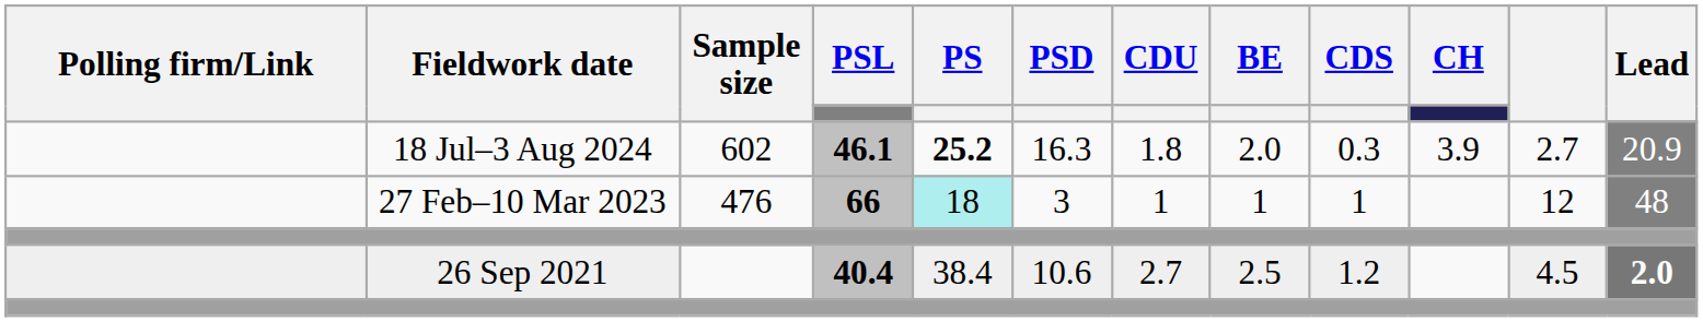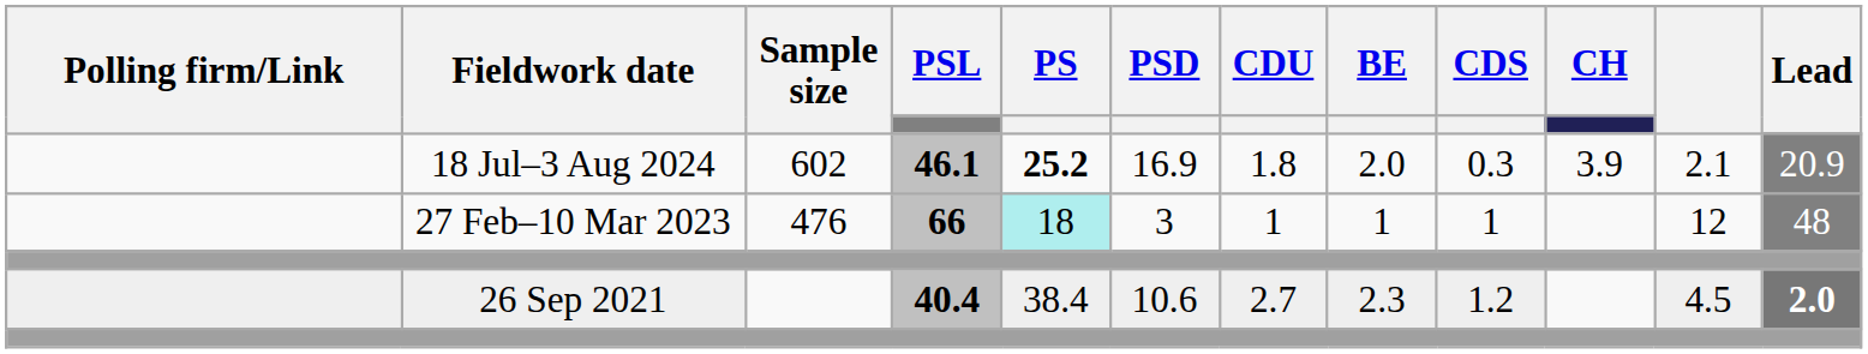 <table class="wikitable sortable mw-datatable" style="text-align:center;font-size:90%;line-height:16px;">
 <tr style="height:42px;">
 <th style="width:145px;" rowspan="2">Polling firm/Link</th>
 <th style="width:125px;" rowspan="2">Fieldwork date</th>
 <th class="unsortable" style="width:50px;" rowspan="2">Sample size</th>
 <th class="unsortable" style="width:35px;"><a href='#'>PSL</a></th>
 <th class="unsortable" style="width:35px;"><a href='#'>PS</a></th>
 <th class="unsortable" style="width:35px;"><a href='#'>PSD</a></th>
 <th class="unsortable" style="width:35px;"><a href='#'>CDU</a></th>
 <th class="unsortable" style="width:35px;"><a href='#'>BE</a></th>
 <th class="unsortable" style="width:35px;"><a href='#'>CDS</a></th>
 <th class="unsortable" style="width:35px;"><a href='#'>CH</a></th>
 <th class="unsortable" style="width:35px;" rowspan="2"></th>
 <th class="unsortable" style="width:30px;" rowspan="2">Lead</th>
 </tr>
 <tr>
 <th class="unsortable" style="color:inherit;background:gray;"></th>
 <th class="unsortable" style="color:inherit;background:"></th>
 <th class="unsortable" style="color:inherit;background:"></th>
 <th class="unsortable" style="color:inherit;background:"></th>
 <th class="unsortable" style="color:inherit;background:"></th>
 <th class="unsortable" style="color:inherit;background:"></th>
 <th class="unsortable" style="color:inherit;background:#202056;"></th>
 </tr>
 <tr>
 <td align="center"></td>
 <td align="center">18 Jul–3 Aug 2024</td>
 <td>602</td>
 <td style="background:#C0C0C0"><strong>46.1</strong></td>
 <td align="center"><strong>25.2</strong></td>
-<td align="center">16.3</td>
+<td align="center">16.9</td>
 <td align="center">1.8</td>
 <td align="center">2.0</td>
 <td align="center">0.3</td>
 <td align="center">3.9</td>
-<td align="center">2.7</td>
+<td align="center">2.1</td>
 <td style="background:gray; color:white;">20.9</td>
 </tr>
 <tr>
 <td align="center"></td>
 <td align="center">27 Feb–10 Mar 2023</td>
 <td>476</td>
 <td style="background:#C0C0C0"><strong>66</strong></td>
 <td align="center" style="background: paleturquoise;">18</td>
 <td align="center">3</td>
 <td align="center">1</td>
 <td align="center">1</td>
 <td align="center">1</td>
 <td></td>
 <td align="center">12</td>
 <td style="background:gray; color:white;">48</td>
 </tr>
 <tr>
 <td colspan="16" style="background:#A0A0A0"></td>
 </tr>
 <tr>
 <td style="background:#EFEFEF;"><strong></strong></td>
 <td style="background:#EFEFEF;" data-sort-value="2019-10-06">26 Sep 2021</td>
 <td></td>
 <td style="background:#C0C0C0"><strong>40.4</strong><br></td>
 <td style="background:#EFEFEF;">38.4<br></td>
 <td style="background:#EFEFEF;">10.6<br></td>
 <td style="background:#EFEFEF;">2.7<br></td>
-<td style="background:#EFEFEF;">2.5<br></td>
+<td style="background:#EFEFEF;">2.3<br></td>
 <td style="background:#EFEFEF;">1.2<br></td>
 <td></td>
 <td style="background:#EFEFEF;">4.5</td>
 <td style="background:#777777; color:white;"><strong>2.0</strong></td>
 </tr>
 <tr>
 <td colspan="16" style="background:#A0A0A0"></td>
 </tr>
 </table>
